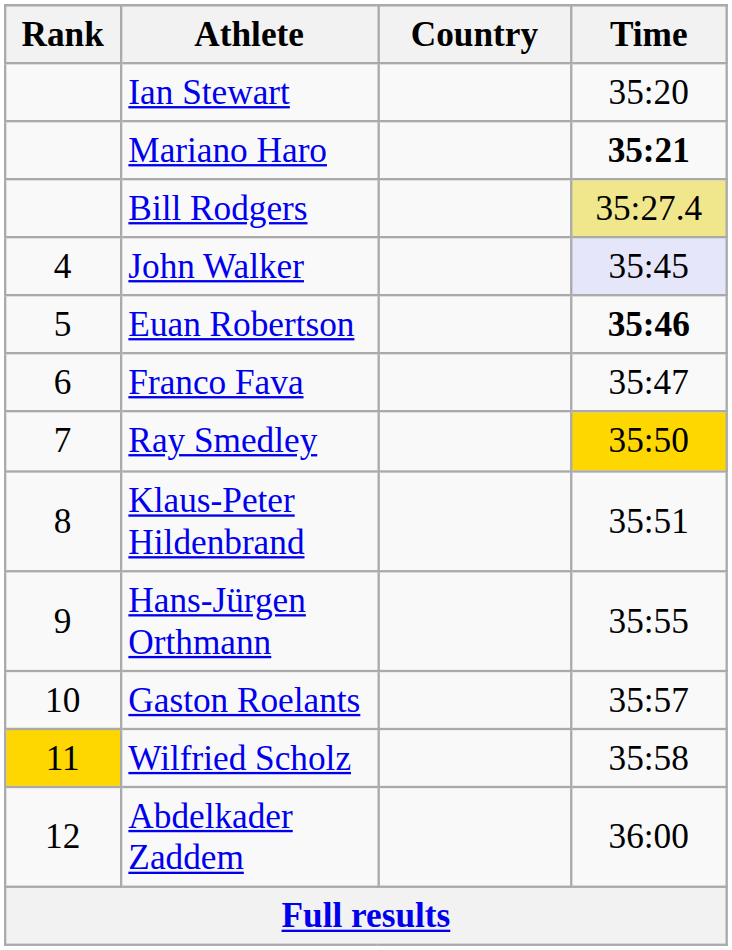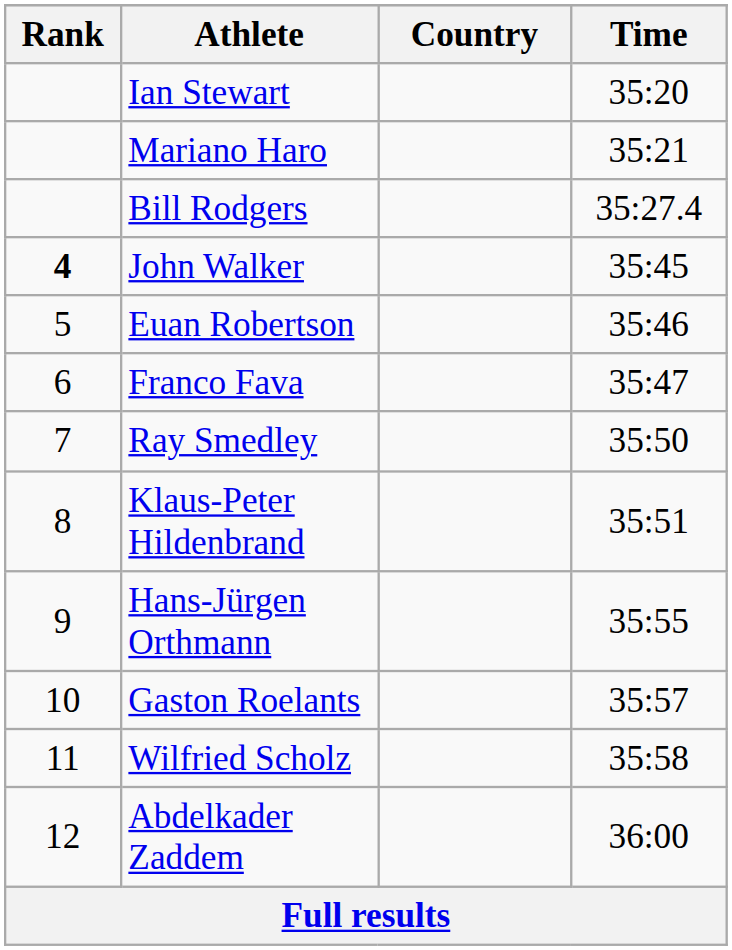 <table class="wikitable sortable" style=" text-align:center; font-size:95%;" width="50%">
 <tr>
 </tr>
 <tr>
 <th width=5%>Rank</th>
 <th width=20%>Athlete</th>
 <th width=15%>Country</th>
 <th width=10%>Time</th>
 </tr>
 <tr>
 <td align=center></td>
 <td align=left><a href='#'>Ian Stewart</a></td>
 <td align=left></td>
 <td>35:20</td>
 </tr>
 <tr>
 <td align=center></td>
 <td align=left><a href='#'>Mariano Haro</a></td>
 <td align=left></td>
-<td><strong>35:21</strong></td>
+<td>35:21</td>
 </tr>
 <tr>
 <td align=center></td>
 <td align=left><a href='#'>Bill Rodgers</a></td>
 <td align=left></td>
-<td style="background: khaki;">35:27.4</td>
+<td>35:27.4</td>
 </tr>
 <tr>
-<td align=center>4</td>
+<td align=center><strong>4</strong></td>
 <td align=left><a href='#'>John Walker</a></td>
 <td align=left></td>
-<td style="background: lavender;">35:45</td>
+<td>35:45</td>
 </tr>
 <tr>
 <td align=center>5</td>
 <td align=left><a href='#'>Euan Robertson</a></td>
 <td align=left></td>
-<td><strong>35:46</strong></td>
+<td>35:46</td>
 </tr>
 <tr>
 <td align=center>6</td>
 <td align=left><a href='#'>Franco Fava</a></td>
 <td align=left></td>
 <td>35:47</td>
 </tr>
 <tr>
 <td align=center>7</td>
 <td align=left><a href='#'>Ray Smedley</a></td>
 <td align=left></td>
-<td style="background: gold;">35:50</td>
+<td>35:50</td>
 </tr>
 <tr>
 <td align=center>8</td>
 <td align=left><a href='#'>Klaus-Peter Hildenbrand</a></td>
 <td align=left></td>
 <td>35:51</td>
 </tr>
 <tr>
 <td align=center>9</td>
 <td align=left><a href='#'>Hans-Jürgen Orthmann</a></td>
 <td align=left></td>
 <td>35:55</td>
 </tr>
 <tr>
 <td align=center>10</td>
 <td align=left><a href='#'>Gaston Roelants</a></td>
 <td align=left></td>
 <td>35:57</td>
 </tr>
 <tr>
-<td align=center style="background: gold;">11</td>
+<td align=center>11</td>
 <td align=left><a href='#'>Wilfried Scholz</a></td>
 <td align=left></td>
 <td>35:58</td>
 </tr>
 <tr>
 <td align=center>12</td>
 <td align=left><a href='#'>Abdelkader Zaddem</a></td>
 <td align=left></td>
 <td>36:00</td>
 </tr>
 <tr class="sortbottom">
 <th colspan=4 align=center><a href='#'>Full results</a></th>
 </tr>
 </table>
